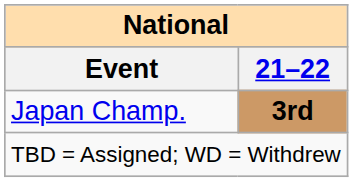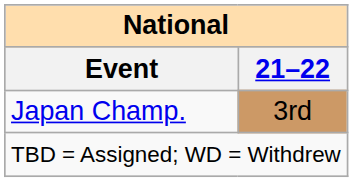 <table class="wikitable" style="text-align:center">
 <tr>
 <th style="background-color: #ffdead; " colspan=2 align=center>National</th>
 </tr>
 <tr>
 <th>Event</th>
 <th><a href='#'>21–22</a></th>
 </tr>
 <tr>
 <td align=left><a href='#'>Japan Champ.</a></td>
-<td bgcolor=cc9966><strong>3rd</strong></td>
+<td bgcolor=cc9966>3rd</td>
 </tr>
 <tr>
 <td colspan=2 align=center><small> TBD = Assigned; WD = Withdrew </small></td>
 </tr>
 </table>
